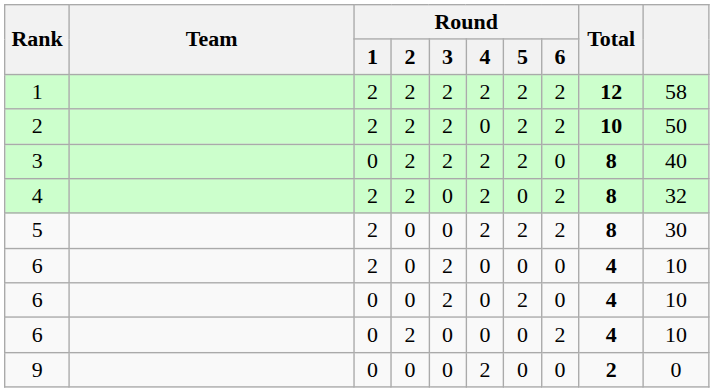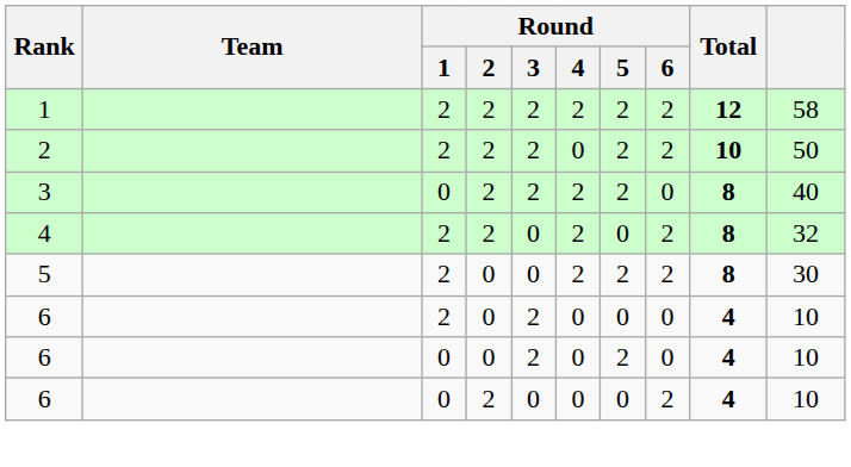 <table class=wikitable style="text-align:center">
 <tr>
 <th rowspan="2" width=40>Rank</th>
 <th rowspan="2" width=200>Team</th>
 <th colspan="6">Round</th>
 <th rowspan="2" width=40>Total</th>
 <th rowspan="2" width=40></th>
 </tr>
 <tr>
 <th width=20>1</th>
 <th width=20>2</th>
 <th width=20>3</th>
 <th width=20>4</th>
 <th width=20>5</th>
 <th width=20>6</th>
 </tr>
 <tr bgcolor="ccffcc">
 <td>1</td>
 <td align=left></td>
 <td>2</td>
 <td>2</td>
 <td>2</td>
 <td>2</td>
 <td>2</td>
 <td>2</td>
 <td><strong>12</strong></td>
 <td>58</td>
 </tr>
 <tr bgcolor="ccffcc">
 <td>2</td>
 <td align=left></td>
 <td>2</td>
 <td>2</td>
 <td>2</td>
 <td>0</td>
 <td>2</td>
 <td>2</td>
 <td><strong>10</strong></td>
 <td>50</td>
 </tr>
 <tr bgcolor="ccffcc">
 <td>3</td>
 <td align=left></td>
 <td>0</td>
 <td>2</td>
 <td>2</td>
 <td>2</td>
 <td>2</td>
 <td>0</td>
 <td><strong>8</strong></td>
 <td>40</td>
 </tr>
 <tr bgcolor="ccffcc">
 <td>4</td>
 <td align=left></td>
 <td>2</td>
 <td>2</td>
 <td>0</td>
 <td>2</td>
 <td>0</td>
 <td>2</td>
 <td><strong>8</strong></td>
 <td>32</td>
 </tr>
 <tr>
 <td>5</td>
 <td align=left></td>
 <td>2</td>
 <td>0</td>
 <td>0</td>
 <td>2</td>
 <td>2</td>
 <td>2</td>
 <td><strong>8</strong></td>
 <td>30</td>
 </tr>
 <tr>
 <td>6</td>
 <td align=left></td>
 <td>2</td>
 <td>0</td>
 <td>2</td>
 <td>0</td>
 <td>0</td>
 <td>0</td>
 <td><strong>4</strong></td>
 <td>10</td>
 </tr>
 <tr>
 <td>6</td>
 <td align=left></td>
 <td>0</td>
 <td>0</td>
 <td>2</td>
 <td>0</td>
 <td>2</td>
 <td>0</td>
 <td><strong>4</strong></td>
 <td>10</td>
 </tr>
 <tr>
 <td>6</td>
 <td align=left></td>
 <td>0</td>
 <td>2</td>
 <td>0</td>
 <td>0</td>
 <td>0</td>
 <td>2</td>
 <td><strong>4</strong></td>
 <td>10</td>
 </tr>
-<tr>
-<td>9</td>
-<td align=left></td>
-<td>0</td>
-<td>0</td>
-<td>0</td>
-<td>2</td>
-<td>0</td>
-<td>0</td>
-<td><strong>2</strong></td>
-<td>0</td>
-</tr>
 </table>
